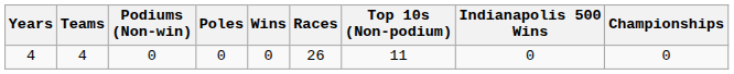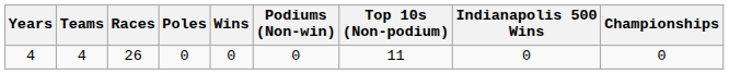 <table class="wikitable" style="text-align:center; font-size:95%">
 <tr>
 <th>Years</th>
 <th>Teams</th>
-<th>Podiums<br>(Non-win)</th>
+<th>Races</th>
 <th>Poles</th>
 <th>Wins</th>
-<th>Races</th>
+<th>Podiums<br>(Non-win)</th>
 <th>Top 10s<br>(Non-podium)</th>
 <th>Indianapolis 500<br>Wins</th>
 <th>Championships</th>
 </tr>
 <tr>
 <td>4</td>
 <td>4</td>
+<td>26</td>
 <td>0</td>
 <td>0</td>
 <td>0</td>
-<td>26</td>
 <td>11</td>
 <td>0</td>
 <td>0</td>
 </tr>
 </table>
